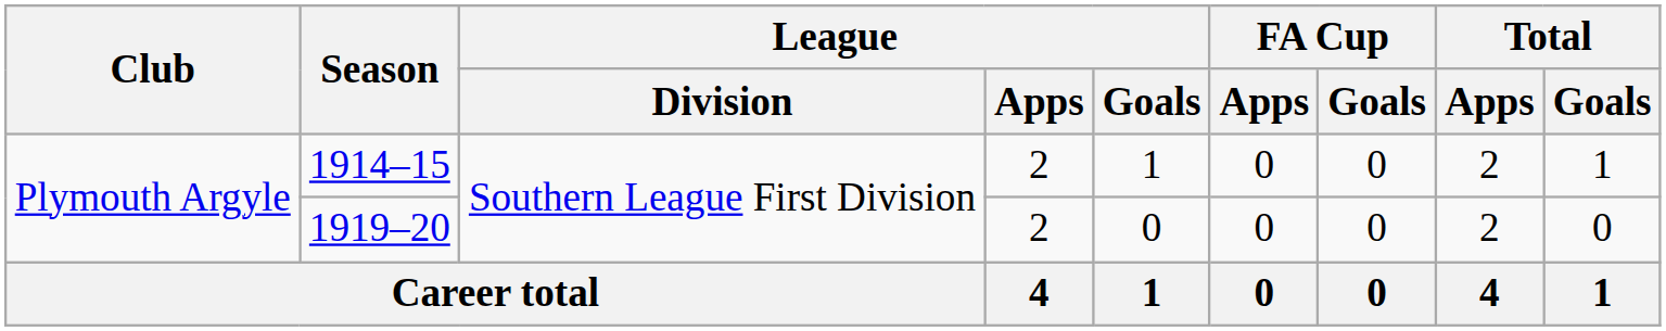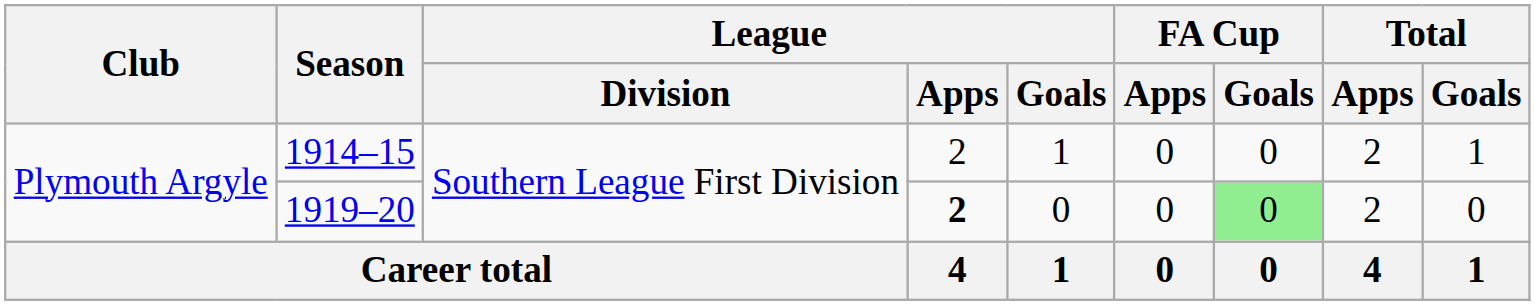 <table class="wikitable" style="text-align: center;">
 <tr>
 <th rowspan="2">Club</th>
 <th rowspan="2">Season</th>
 <th colspan="3">League</th>
 <th colspan="2">FA Cup</th>
 <th colspan="2">Total</th>
 </tr>
 <tr>
 <th>Division</th>
 <th>Apps</th>
 <th>Goals</th>
 <th>Apps</th>
 <th>Goals</th>
 <th>Apps</th>
 <th>Goals</th>
 </tr>
 <tr>
 <td rowspan="2"><a href='#'>Plymouth Argyle</a></td>
 <td><a href='#'>1914–15</a></td>
 <td rowspan="2"><a href='#'>Southern League</a> First Division</td>
 <td>2</td>
 <td>1</td>
 <td>0</td>
 <td>0</td>
 <td>2</td>
 <td>1</td>
 </tr>
 <tr>
 <td><a href='#'>1919–20</a></td>
-<td>2</td>
+<td><strong>2</strong></td>
 <td>0</td>
 <td>0</td>
-<td>0</td>
+<td style="background: lightgreen;">0</td>
 <td>2</td>
 <td>0</td>
 </tr>
 <tr>
 <th colspan="3">Career total</th>
 <th>4</th>
 <th>1</th>
 <th>0</th>
 <th>0</th>
 <th>4</th>
 <th>1</th>
 </tr>
 </table>
